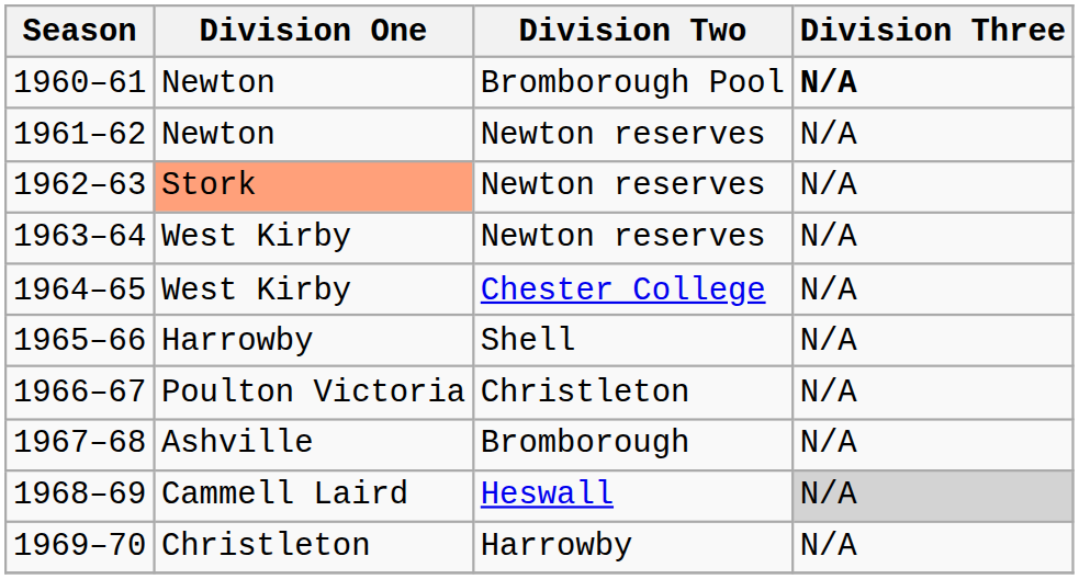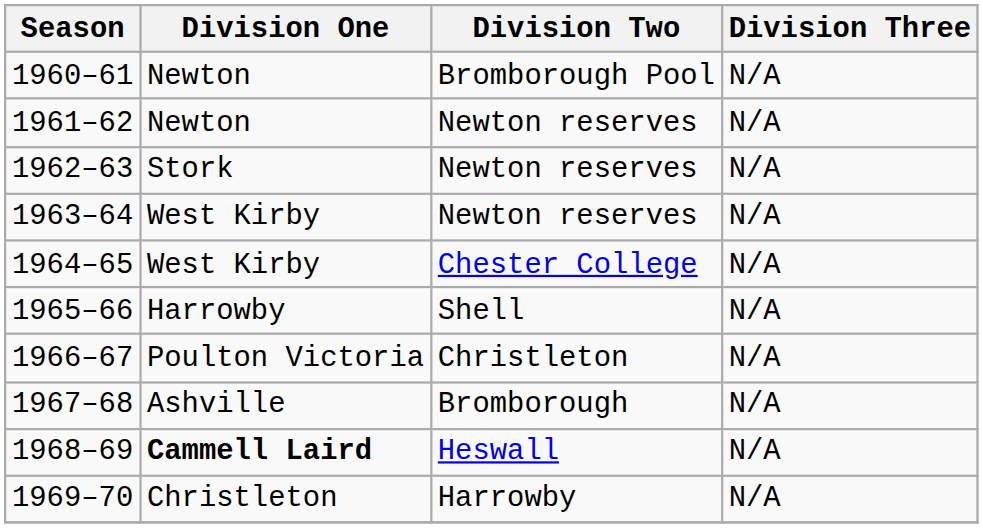 <table class="wikitable">
 <tr>
 <th>Season</th>
 <th>Division One</th>
 <th>Division Two</th>
 <th>Division Three</th>
 </tr>
 <tr>
 <td>1960–61</td>
 <td>Newton</td>
 <td>Bromborough Pool</td>
-<td><strong>N/A</strong></td>
+<td>N/A</td>
 </tr>
 <tr>
 <td>1961–62</td>
 <td>Newton</td>
 <td>Newton reserves</td>
 <td>N/A</td>
 </tr>
 <tr>
 <td>1962–63</td>
-<td style="background: lightsalmon;">Stork</td>
+<td>Stork</td>
 <td>Newton reserves</td>
 <td>N/A</td>
 </tr>
 <tr>
 <td>1963–64</td>
 <td>West Kirby</td>
 <td>Newton reserves</td>
 <td>N/A</td>
 </tr>
 <tr>
 <td>1964–65</td>
 <td>West Kirby</td>
 <td><a href='#'>Chester College</a></td>
 <td>N/A</td>
 </tr>
 <tr>
 <td>1965–66</td>
 <td>Harrowby</td>
 <td>Shell</td>
 <td>N/A</td>
 </tr>
 <tr>
 <td>1966–67</td>
 <td>Poulton Victoria</td>
 <td>Christleton</td>
 <td>N/A</td>
 </tr>
 <tr>
 <td>1967–68</td>
 <td>Ashville</td>
 <td>Bromborough</td>
 <td>N/A</td>
 </tr>
 <tr>
 <td>1968–69</td>
-<td>Cammell Laird</td>
+<td><strong>Cammell Laird</strong></td>
 <td><a href='#'>Heswall</a></td>
-<td style="background: lightgrey;">N/A</td>
+<td>N/A</td>
 </tr>
 <tr>
 <td>1969–70</td>
 <td>Christleton</td>
 <td>Harrowby</td>
 <td>N/A</td>
 </tr>
 <tr>
 </tr>
 </table>
